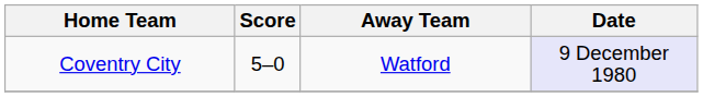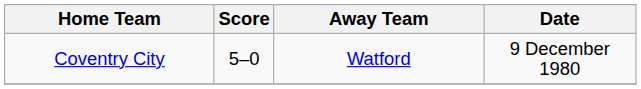 <table class="wikitable" style="text-align:center;">
 <tr>
 <th width=175>Home Team</th>
 <th width=20>Score</th>
 <th width=175>Away Team</th>
 <th width=125>Date</th>
 </tr>
 <tr>
 <td><a href='#'>Coventry City</a></td>
 <td>5–0</td>
 <td><a href='#'>Watford</a></td>
-<td style="background: lavender;">9 December 1980</td>
+<td>9 December 1980</td>
 </tr>
 <tr>
 </tr>
 </table>
